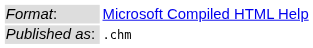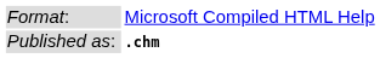 <table style="text-align:left;">
 <tr>
 <td style="background:#ddd; width:100px;"><em>Format</em>:</td>
 <td><a href='#'>Microsoft Compiled HTML Help</a></td>
 </tr>
 <tr>
 <td style="background:#ddd;"><em>Published as</em>:</td>
-<td><code>.chm</code></td>
+<td><strong><code>.chm</code></strong></td>
 </tr>
 </table>
